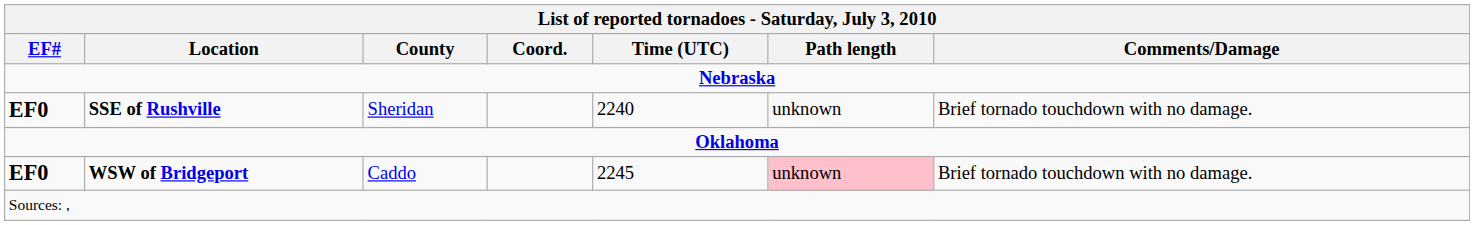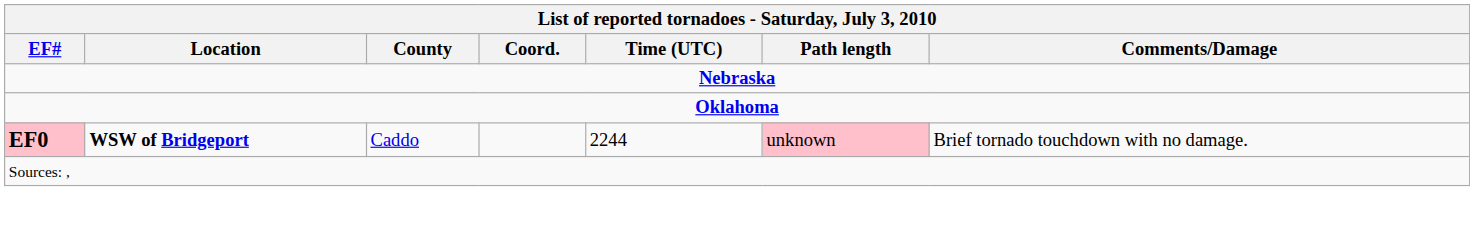 <table class="wikitable collapsible" style="width:100%;">
 <tr>
 <th colspan="7">List of reported tornadoes - Saturday, July 3, 2010</th>
 </tr>
 <tr>
 <th><a href='#'>EF#</a></th>
 <th>Location</th>
 <th>County</th>
 <th>Coord.</th>
 <th>Time (UTC)</th>
 <th>Path length</th>
 <th>Comments/Damage</th>
 </tr>
 <tr>
 <td colspan="7" style="text-align:center;"><strong><a href='#'>Nebraska</a></strong></td>
 </tr>
 <tr>
-<td><big><strong>EF0</strong></big></td>
-<td><strong>SSE of <a href='#'>Rushville</a></strong></td>
-<td><a href='#'>Sheridan</a></td>
-<td></td>
-<td>2240</td>
-<td>unknown</td>
-<td>Brief tornado touchdown with no damage.</td>
-</tr>
-<tr>
 <td colspan="7" style="text-align:center;"><strong><a href='#'>Oklahoma</a></strong></td>
 </tr>
 <tr>
-<td><big><strong>EF0</strong></big></td>
+<td style="background: pink;"><big><strong>EF0</strong></big></td>
 <td><strong>WSW of <a href='#'>Bridgeport</a></strong></td>
 <td><a href='#'>Caddo</a></td>
 <td></td>
-<td>2245</td>
+<td>2244</td>
 <td style="background: pink;">unknown</td>
 <td>Brief tornado touchdown with no damage.</td>
 </tr>
 <tr>
 <td colspan="7"><small>Sources: , </small></td>
 </tr>
 </table>
